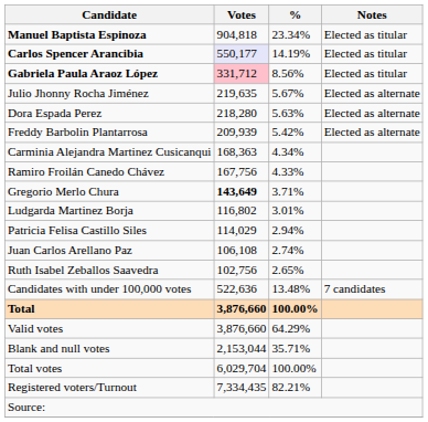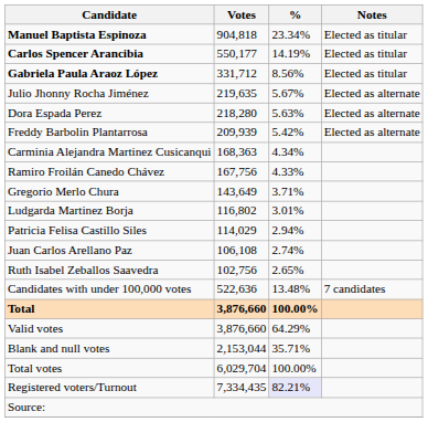 <table class=wikitable>
 <tr>
 <th>Candidate</th>
 <th>Votes</th>
 <th>%</th>
 <th>Notes</th>
 </tr>
 <tr>
 <td><strong> Manuel Baptista Espinoza</strong></td>
 <td>904,818</td>
 <td>23.34%</td>
 <td>Elected as titular</td>
 </tr>
 <tr>
 <td><strong> Carlos Spencer Arancibia</strong></td>
-<td style="background: lavender;">550,177</td>
+<td>550,177</td>
 <td>14.19%</td>
 <td>Elected as titular</td>
 </tr>
 <tr>
 <td><strong>Gabriela Paula Araoz López</strong></td>
-<td style="background: pink;">331,712</td>
+<td>331,712</td>
 <td>8.56%</td>
 <td>Elected as titular</td>
 </tr>
 <tr>
 <td>Julio Jhonny Rocha Jiménez</td>
 <td>219,635</td>
 <td>5.67%</td>
 <td>Elected as alternate</td>
 </tr>
 <tr>
 <td>Dora Espada Perez</td>
 <td>218,280</td>
 <td>5.63%</td>
 <td>Elected as alternate</td>
 </tr>
 <tr>
 <td>Freddy Barbolin Plantarrosa</td>
 <td>209,939</td>
 <td>5.42%</td>
 <td>Elected as alternate</td>
 </tr>
 <tr>
 <td>Carminia Alejandra Martinez Cusicanqui</td>
 <td>168,363</td>
 <td>4.34%</td>
 <td></td>
 </tr>
 <tr>
 <td>Ramiro Froilán Canedo Chávez</td>
 <td>167,756</td>
 <td>4.33%</td>
 <td></td>
 </tr>
 <tr>
 <td>Gregorio Merlo Chura</td>
-<td><strong>143,649</strong></td>
+<td>143,649</td>
 <td>3.71%</td>
 <td></td>
 </tr>
 <tr>
 <td>Ludgarda Martinez Borja</td>
 <td>116,802</td>
 <td>3.01%</td>
 <td></td>
 </tr>
 <tr>
 <td>Patricia Felisa Castillo Siles</td>
 <td>114,029</td>
 <td>2.94%</td>
 <td></td>
 </tr>
 <tr>
 <td>Juan Carlos Arellano Paz</td>
 <td>106,108</td>
 <td>2.74%</td>
 <td></td>
 </tr>
 <tr>
 <td>Ruth Isabel Zeballos Saavedra</td>
 <td>102,756</td>
 <td>2.65%</td>
 <td></td>
 </tr>
 <tr>
 <td>Candidates with under 100,000 votes</td>
 <td>522,636</td>
 <td>13.48%</td>
 <td>7 candidates</td>
 </tr>
 <tr>
 <td style="background:#FDDCB8"><strong>Total</strong></td>
 <td style="background:#FDDCB8"><strong>3,876,660</strong></td>
 <td style="background:#FDDCB8"><strong>100.00%</strong></td>
 <td style="background:#FDDCB8"></td>
 </tr>
 <tr>
 <td>Valid votes</td>
 <td>3,876,660</td>
 <td>64.29%</td>
 <td></td>
 </tr>
 <tr>
 <td>Blank and null votes</td>
 <td>2,153,044</td>
 <td>35.71%</td>
 <td></td>
 </tr>
 <tr>
 <td>Total votes</td>
 <td>6,029,704</td>
 <td>100.00%</td>
 <td></td>
 </tr>
 <tr>
 <td>Registered voters/Turnout</td>
 <td>7,334,435</td>
-<td>82.21%</td>
+<td style="background: lavender;">82.21%</td>
 <td></td>
 </tr>
 <tr>
 <td colspan="4">Source: </td>
 </tr>
 <tr>
 </tr>
 </table>
